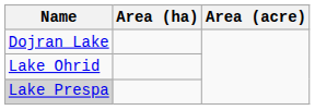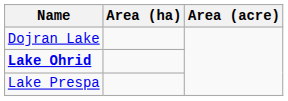 <table class="wikitable">
 <tr>
 <th scope="col" align=left>Name</th>
 <th scope="col">Area (ha)</th>
 <th scope="col">Area (acre)</th>
 </tr>
 <tr ---->
 <td><a href='#'>Dojran Lake</a></td>
 <td></td>
 </tr>
 <tr ---->
-<td><a href='#'>Lake Ohrid</a></td>
+<td><strong><a href='#'>Lake Ohrid</a></strong></td>
 <td></td>
 </tr>
 <tr ---->
-<td style="background: lightgrey;"><a href='#'>Lake Prespa</a></td>
+<td><a href='#'>Lake Prespa</a></td>
 <td></td>
 </tr>
 </table>
